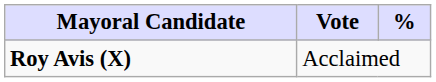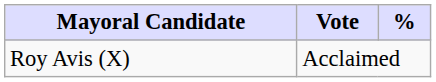 <table class="wikitable">
 <tr>
 <th style="background:#ddf; width:200px;">Mayoral Candidate</th>
 <th style="background:#ddf; width:50px;">Vote</th>
 <th style="background:#ddf; width:30px;">%</th>
 </tr>
 <tr>
-<td><strong>Roy Avis (X)</strong></td>
+<td>Roy Avis (X)</td>
 <td colspan="2">Acclaimed</td>
 </tr>
 </table>
